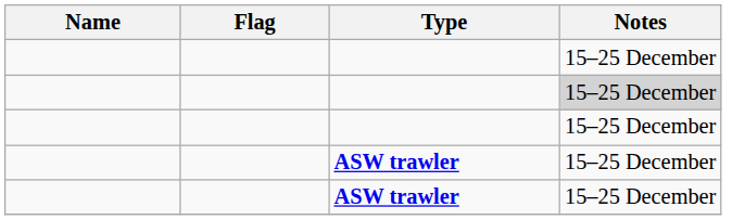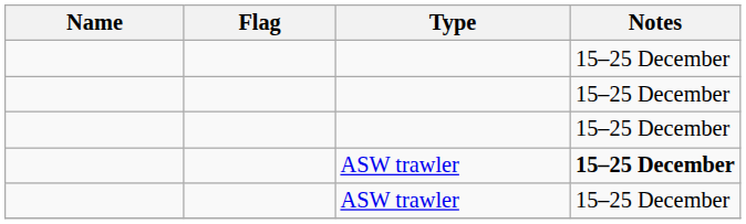 <table class="wikitable sortable">
 <tr>
 <th scope="col" width="120px">Name</th>
 <th scope="col" width="100px">Flag</th>
 <th scope="col" width="160px">Type</th>
 <th>Notes</th>
 </tr>
 <tr>
 <td align="left"></td>
 <td align="left"></td>
 <td align="left"></td>
 <td align="left">15–25 December</td>
 </tr>
 <tr>
 <td align="left"></td>
 <td align="left"></td>
 <td align="left"></td>
-<td align="left" style="background: lightgrey;">15–25 December</td>
+<td align="left">15–25 December</td>
 </tr>
 <tr>
 <td align="left"></td>
 <td align="left"></td>
 <td align="left"></td>
 <td align="left">15–25 December</td>
 </tr>
 <tr>
 <td align="left"></td>
 <td align="left"></td>
-<td align="left"><strong><a href='#'>ASW trawler</a></strong></td>
-<td align="left">15–25 December</td>
+<td align="left"><a href='#'>ASW trawler</a></td>
+<td align="left"><strong>15–25 December</strong></td>
 </tr>
 <tr>
 <td align="left"></td>
 <td align="left"></td>
-<td align="left"><strong><a href='#'>ASW trawler</a></strong></td>
+<td align="left"><a href='#'>ASW trawler</a></td>
 <td align="left">15–25 December</td>
 </tr>
 <tr>
 </tr>
 </table>
